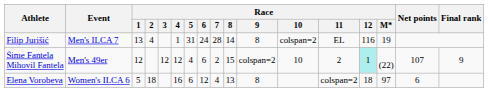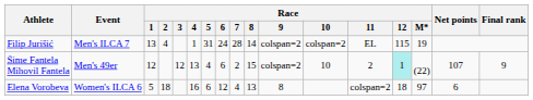 <table class="wikitable" style="font-size:90%">
 <tr>
 <th rowspan="2">Athlete</th>
 <th rowspan="2">Event</th>
 <th colspan=13>Race</th>
 <th rowspan=2>Net points</th>
 <th rowspan=2>Final rank</th>
 </tr>
 <tr style="font-size:95%">
 <th>1</th>
 <th>2</th>
 <th>3</th>
 <th>4</th>
 <th>5</th>
 <th>6</th>
 <th>7</th>
 <th>8</th>
 <th>9</th>
 <th>10</th>
 <th>11</th>
 <th>12</th>
 <th>M*</th>
 </tr>
 <tr align=center>
 <td align=left><a href='#'>Filip Jurišić</a></td>
 <td align=left><a href='#'>Men's ILCA 7</a></td>
 <td>13</td>
 <td>4</td>
 <td></td>
 <td>1</td>
 <td>31</td>
 <td>24</td>
 <td>28</td>
 <td>14</td>
-<td>8</td>
+<td>colspan=2 </td>
 <td>colspan=2 </td>
 <td>EL</td>
-<td>116</td>
+<td>115</td>
 <td>19</td>
 </tr>
 <tr align=center>
 <td align=left><a href='#'>Šime Fantela</a><br><a href='#'>Mihovil Fantela</a></td>
 <td align=left><a href='#'>Men's 49er</a></td>
 <td>12</td>
 <td></td>
 <td>12</td>
-<td>12</td>
+<td>13</td>
 <td>4</td>
 <td>6</td>
 <td>2</td>
 <td>15</td>
 <td>colspan=2 </td>
 <td>10</td>
 <td>2</td>
 <td style="background: paleturquoise;">1</td>
 <td><br>(22)</td>
 <td>107</td>
 <td>9</td>
 </tr>
 <tr align=center>
 <td align=left><a href='#'>Elena Vorobeva</a></td>
 <td align=left><a href='#'>Women's ILCA 6</a></td>
 <td>5</td>
 <td>18</td>
 <td></td>
 <td>16</td>
 <td>6</td>
 <td>12</td>
 <td>4</td>
 <td>13</td>
 <td>8</td>
 <td></td>
 <td>colspan=2 </td>
 <td>18</td>
 <td>97</td>
 <td>6</td>
 </tr>
 </table>
